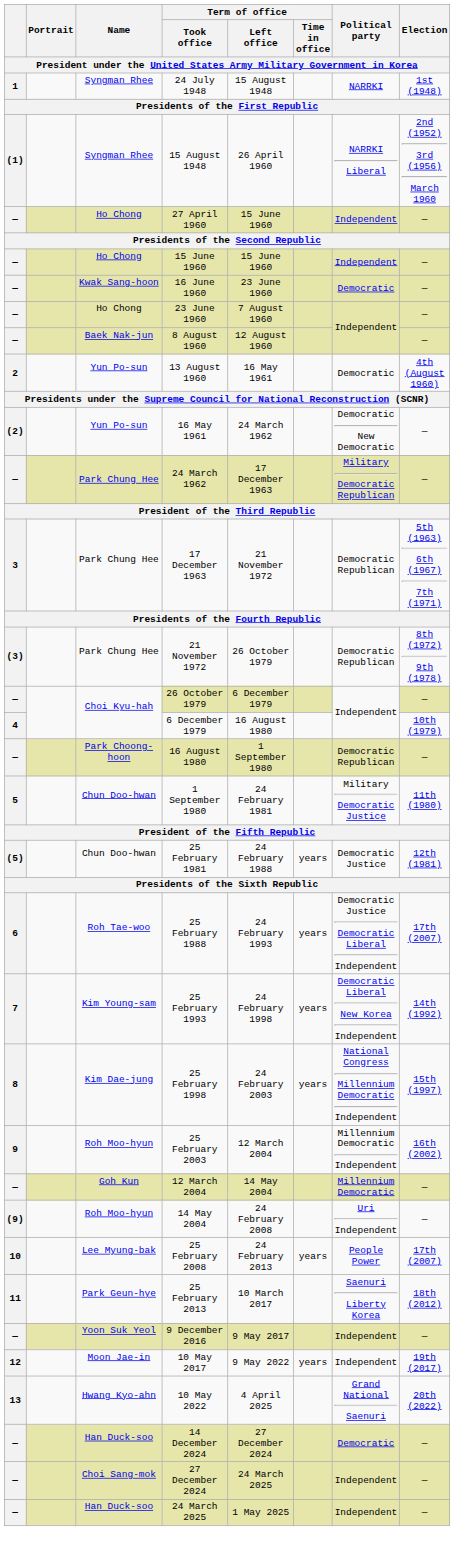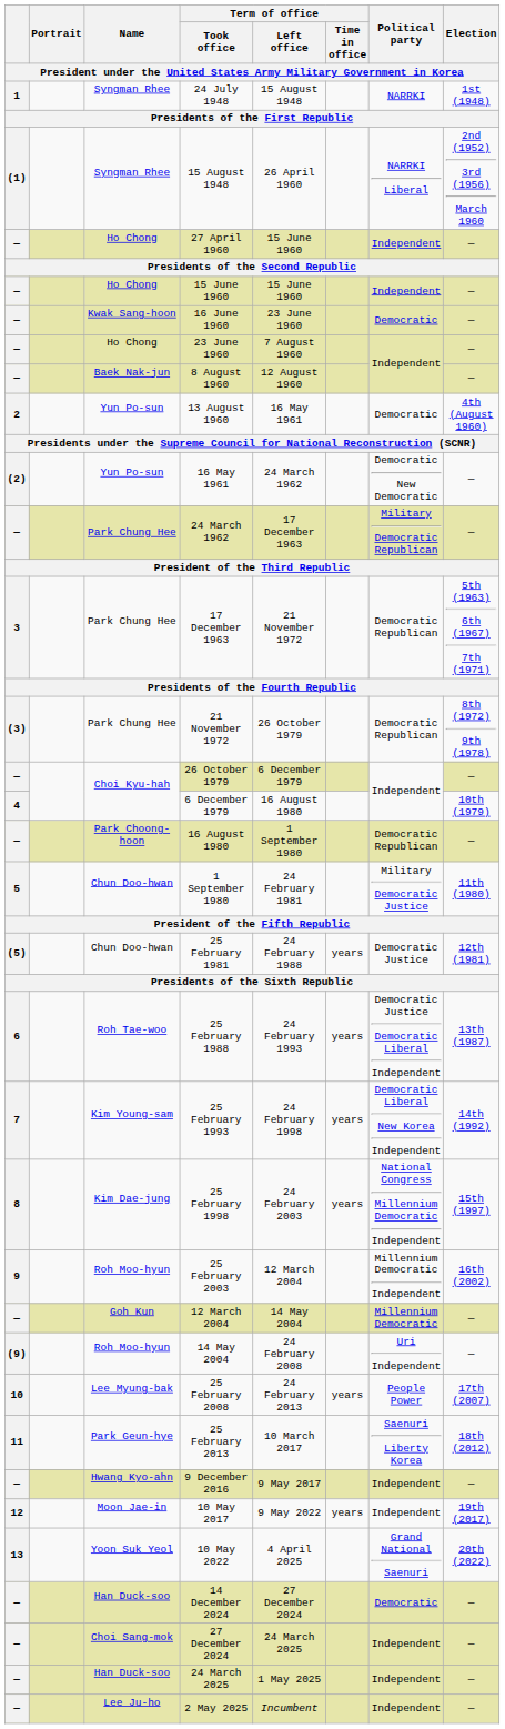 <table class="wikitable" style="text-align:center">
 <tr>
 <th rowspan="2"></th>
 <th rowspan="2">Portrait</th>
 <th rowspan="2" width="20%">Name<br></th>
 <th colspan="3">Term of office</th>
 <th rowspan="2">Political party</th>
 <th rowspan="2">Election</th>
 </tr>
 <tr>
 <th width="15%">Took office</th>
 <th width="15%">Left office</th>
 <th>Time in office</th>
 </tr>
 <tr>
 <th colspan="8">President under the <a href='#'>United States Army Military Government in Korea</a></th>
 </tr>
 <tr>
 <th style="background:">1</th>
 <td></td>
 <td><a href='#'>Syngman Rhee</a><br><br></td>
 <td>24 July 1948</td>
 <td>15 August 1948</td>
 <td></td>
 <td><a href='#'>NARRKI</a></td>
 <td><a href='#'>1st (1948)</a></td>
 </tr>
 <tr>
 <th colspan="8">Presidents of the <a href='#'>First Republic</a></th>
 </tr>
 <tr>
 <th style="background:">(1)</th>
 <td></td>
 <td><a href='#'>Syngman Rhee</a><br><br></td>
 <td>15 August 1948</td>
 <td>26 April 1960</td>
 <td></td>
 <td><a href='#'>NARRKI</a><hr><a href='#'>Liberal</a></td>
 <td><a href='#'>2nd (1952)</a><hr><a href='#'>3rd (1956)</a><hr><a href='#'>March 1960</a></td>
 </tr>
 <tr style="background:#E6E6AA;">
 <th style="background:">—</th>
 <td></td>
 <td><a href='#'>Ho Chong</a><br><br></td>
 <td>27 April 1960</td>
 <td>15 June 1960</td>
 <td></td>
 <td><a href='#'>Independent</a></td>
 <td>—</td>
 </tr>
 <tr>
 <th colspan="8">Presidents of the <a href='#'>Second Republic</a></th>
 </tr>
 <tr style="background:#E6E6AA;">
 <th style="background:">—</th>
 <td></td>
 <td><a href='#'>Ho Chong</a><br><br></td>
 <td>15 June 1960</td>
 <td>15 June 1960</td>
 <td></td>
 <td><a href='#'>Independent</a></td>
 <td>—</td>
 </tr>
 <tr style="background:#E6E6AA;">
 <th style="background:">—</th>
 <td></td>
 <td><a href='#'>Kwak Sang-hoon</a><br><br></td>
 <td>16 June 1960</td>
 <td>23 June 1960</td>
 <td></td>
 <td><a href='#'>Democratic</a></td>
 <td>—</td>
 </tr>
 <tr style="background:#E6E6AA;">
 <th style="background:">—</th>
 <td></td>
 <td>Ho Chong<br><br></td>
 <td>23 June 1960</td>
 <td>7 August 1960</td>
 <td></td>
 <td rowspan="2">Independent</td>
 <td>—</td>
 </tr>
 <tr style="background:#E6E6AA;">
 <th style="background:">—</th>
 <td></td>
 <td><a href='#'>Baek Nak-jun</a><br><br></td>
 <td>8 August 1960</td>
 <td>12 August 1960</td>
 <td></td>
 <td>—</td>
 </tr>
 <tr>
 <th style="background:">2</th>
 <td></td>
 <td><a href='#'>Yun Po-sun</a><br><br></td>
 <td>13 August 1960</td>
 <td>16 May 1961</td>
 <td></td>
 <td>Democratic</td>
 <td><a href='#'>4th (August 1960)</a></td>
 </tr>
 <tr>
 <th colspan="8">Presidents under the <a href='#'>Supreme Council for National Reconstruction</a> (SCNR)</th>
 </tr>
 <tr>
 <th style="background:">(2)</th>
 <td></td>
 <td><a href='#'>Yun Po-sun</a><br><br></td>
 <td>16 May 1961</td>
 <td>24 March 1962</td>
 <td></td>
 <td>Democratic<hr>New Democratic</td>
 <td>—</td>
 </tr>
 <tr style="background:#E6E6AA;">
 <th style="background:">—</th>
 <td></td>
 <td><br><a href='#'>Park Chung Hee</a><br><br></td>
 <td>24 March 1962</td>
 <td>17 December 1963</td>
 <td></td>
 <td><a href='#'>Military</a><hr><a href='#'>Democratic Republican</a></td>
 <td>—</td>
 </tr>
 <tr>
 <th colspan="8">President of the <a href='#'>Third Republic</a></th>
 </tr>
 <tr>
 <th style="background:">3</th>
 <td></td>
 <td>Park Chung Hee<br><br></td>
 <td>17 December 1963</td>
 <td>21 November 1972</td>
 <td></td>
 <td>Democratic Republican</td>
 <td><a href='#'>5th (1963)</a><hr><a href='#'>6th (1967)</a><hr><a href='#'>7th (1971)</a></td>
 </tr>
 <tr>
 <th colspan="8">Presidents of the <a href='#'>Fourth Republic</a></th>
 </tr>
 <tr>
 <th style="background:">(3)</th>
 <td></td>
 <td>Park Chung Hee<br><br></td>
 <td>21 November 1972</td>
 <td>26 October 1979</td>
 <td></td>
 <td>Democratic Republican</td>
 <td><a href='#'>8th (1972)</a><hr><a href='#'>9th (1978)</a></td>
 </tr>
 <tr>
 <th style="background:">—</th>
 <td rowspan="2"></td>
 <td rowspan="2"><a href='#'>Choi Kyu-hah</a><br><br></td>
 <td bgcolor="#E6E6AA">26 October 1979</td>
 <td bgcolor="#E6E6AA">6 December 1979</td>
 <td bgcolor="#E6E6AA"></td>
 <td rowspan="2">Independent</td>
 <td bgcolor="#E6E6AA">—</td>
 </tr>
 <tr>
 <th style="background:">4</th>
 <td>6 December 1979</td>
 <td>16 August 1980</td>
 <td></td>
 <td><a href='#'>10th (1979)</a></td>
 </tr>
 <tr style="background:#E6E6AA;">
 <th style="background:">—</th>
 <td></td>
 <td><a href='#'>Park Choong-hoon</a><br><br></td>
 <td>16 August 1980</td>
 <td>1 September 1980</td>
 <td></td>
 <td>Democratic Republican</td>
 <td>—</td>
 </tr>
 <tr>
 <th style="background:">5</th>
 <td></td>
 <td><a href='#'>Chun Doo-hwan</a><br><br></td>
 <td>1 September 1980</td>
 <td>24 February 1981</td>
 <td></td>
 <td>Military<br><hr><a href='#'>Democratic Justice</a><br></td>
 <td><a href='#'>11th (1980)</a></td>
 </tr>
 <tr>
 <th colspan="8">President of the <a href='#'>Fifth Republic</a></th>
 </tr>
 <tr>
 <th style="background:">(5)</th>
 <td></td>
 <td>Chun Doo-hwan<br><br></td>
 <td>25 February 1981</td>
 <td>24 February 1988</td>
 <td> years</td>
 <td>Democratic Justice<br></td>
 <td><a href='#'>12th (1981)</a></td>
 </tr>
 <tr>
 <th colspan="8">Presidents of the Sixth Republic</th>
 </tr>
 <tr>
 <th style="background:">6</th>
 <td></td>
 <td><a href='#'>Roh Tae-woo</a><br><br></td>
 <td>25 February 1988</td>
 <td>24 February 1993</td>
 <td> years</td>
 <td>Democratic Justice<br><hr><a href='#'>Democratic Liberal</a><br><hr>Independent<br></td>
-<td><a href='#'>17th (2007)</a></td>
+<td><a href='#'>13th (1987)</a></td>
 </tr>
 <tr>
 <th style="background:">7</th>
 <td></td>
 <td><a href='#'>Kim Young-sam</a><br><br></td>
 <td>25 February 1993</td>
 <td>24 February 1998</td>
 <td> years</td>
 <td><a href='#'>Democratic Liberal</a><hr><a href='#'>New Korea</a><hr>Independent</td>
 <td><a href='#'>14th (1992)</a></td>
 </tr>
 <tr>
 <th style="background:">8</th>
 <td></td>
 <td><a href='#'>Kim Dae-jung</a><br><br></td>
 <td>25 February 1998</td>
 <td>24 February 2003</td>
 <td> years</td>
 <td><a href='#'>National Congress</a><hr><a href='#'>Millennium Democratic</a><hr>Independent</td>
 <td><a href='#'>15th (1997)</a></td>
 </tr>
 <tr>
 <th style="background:">9</th>
 <td></td>
 <td><a href='#'>Roh Moo-hyun</a><br><br></td>
 <td>25 February 2003</td>
 <td>12 March 2004</td>
 <td></td>
 <td>Millennium Democratic<hr>Independent</td>
 <td><a href='#'>16th (2002)</a></td>
 </tr>
 <tr style="background:#E6E6AA;">
 <th style="background:">—</th>
 <td></td>
 <td><a href='#'>Goh Kun</a><br><br></td>
 <td>12 March 2004</td>
 <td>14 May 2004</td>
 <td></td>
 <td><a href='#'>Millennium Democratic</a></td>
 <td>—</td>
 </tr>
 <tr>
 <th style="background:">(9)</th>
 <td></td>
 <td><a href='#'>Roh Moo-hyun</a><br><br></td>
 <td>14 May 2004</td>
 <td>24 February 2008</td>
 <td></td>
 <td><a href='#'>Uri</a><hr>Independent</td>
 <td>—</td>
 </tr>
 <tr>
 <th style="background:">10</th>
 <td></td>
 <td><a href='#'>Lee Myung-bak</a><br><br></td>
 <td>25 February 2008</td>
 <td>24 February 2013</td>
 <td> years</td>
 <td><a href='#'>People Power</a></td>
 <td><a href='#'>17th (2007)</a></td>
 </tr>
 <tr>
 <th style="background:">11</th>
 <td></td>
 <td><a href='#'>Park Geun-hye</a><br><br></td>
 <td>25 February 2013</td>
 <td>10 March 2017</td>
 <td></td>
 <td><a href='#'>Saenuri</a><hr><a href='#'>Liberty Korea</a></td>
 <td><a href='#'>18th (2012)</a></td>
 </tr>
 <tr style="background:#E6E6AA;">
 <th style="background:">—</th>
 <td></td>
-<td><a href='#'>Yoon Suk Yeol</a><br><br></td>
+<td><a href='#'>Hwang Kyo-ahn</a><br><br></td>
 <td>9 December 2016</td>
 <td>9 May 2017</td>
 <td></td>
 <td>Independent</td>
 <td>—</td>
 </tr>
 <tr>
 <th style="background:">12</th>
 <td></td>
 <td><a href='#'>Moon Jae-in</a><br><br></td>
 <td>10 May 2017</td>
 <td>9 May 2022</td>
 <td> years</td>
 <td>Independent</td>
 <td><a href='#'>19th (2017)</a></td>
 </tr>
 <tr>
 <th style="background:">13</th>
 <td></td>
-<td><a href='#'>Hwang Kyo-ahn</a><br><br></td>
+<td><a href='#'>Yoon Suk Yeol</a><br><br></td>
 <td>10 May 2022</td>
 <td>4 April 2025</td>
 <td></td>
 <td><a href='#'>Grand National</a><hr><a href='#'>Saenuri</a></td>
 <td><a href='#'>20th (2022)</a></td>
 </tr>
 <tr style="background:#E6E6AA;">
 <th style="background:">—</th>
 <td></td>
 <td><a href='#'>Han Duck-soo</a><br><br></td>
 <td>14 December 2024</td>
 <td>27 December 2024</td>
 <td></td>
 <td><a href='#'>Democratic</a></td>
 <td>—</td>
 </tr>
 <tr style="background:#E6E6AA;">
 <th style="background:">—</th>
 <td></td>
 <td><a href='#'>Choi Sang-mok</a><br><br></td>
 <td>27 December 2024</td>
 <td>24 March 2025</td>
 <td></td>
 <td>Independent</td>
 <td>—</td>
 </tr>
 <tr style="background:#E6E6AA;">
 <th style="background:">—</th>
 <td></td>
 <td><a href='#'>Han Duck-soo</a><br><br></td>
 <td>24 March 2025</td>
 <td>1 May 2025</td>
 <td></td>
 <td>Independent</td>
 <td>—</td>
 </tr>
+<tr style="background:#E6E6AA;">
+<th style="background:">—</th>
+<td></td>
+<td><a href='#'>Lee Ju-ho</a><br><br></td>
+<td>2 May 2025</td>
+<td><em>Incumbent</em></td>
+<td></td>
+<td>Independent</td>
+<td>—</td>
+</tr>
 </table>
